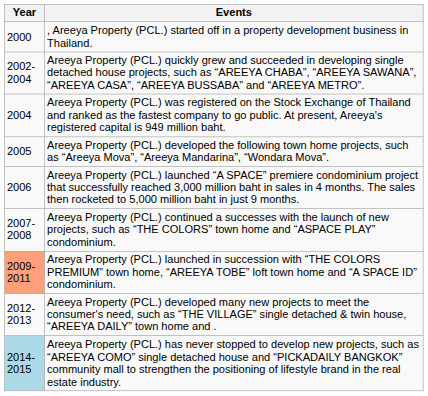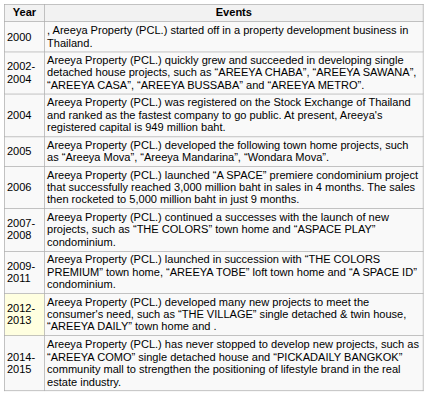 <table class="wikitable">
 <tr>
 <th>Year</th>
 <th>Events</th>
 </tr>
 <tr>
 <td>2000</td>
 <td>, Areeya Property (PCL.) started off in a property development business in Thailand.</td>
 </tr>
 <tr>
 <td>2002-2004</td>
 <td>Areeya Property (PCL.) quickly grew and succeeded in developing single detached house projects, such as “AREEYA CHABA”, “AREEYA SAWANA”, “AREEYA CASA”, “AREEYA BUSSABA” and “AREEYA METRO”.</td>
 </tr>
 <tr>
 <td>2004</td>
 <td>Areeya Property (PCL.) was registered on the Stock Exchange of Thailand and ranked as the fastest company to go public. At present, Areeya's registered capital is 949 million baht.</td>
 </tr>
 <tr>
 <td>2005</td>
 <td>Areeya Property (PCL.) developed the following town home projects, such as “Areeya Mova”, “Areeya Mandarina”, “Wondara Mova”.</td>
 </tr>
 <tr>
 <td>2006</td>
 <td>Areeya Property (PCL.) launched “A SPACE” premiere condominium project that successfully reached 3,000 million baht in sales in 4 months. The sales then rocketed to 5,000 million baht in just 9 months.</td>
 </tr>
 <tr>
 <td>2007-2008</td>
 <td>Areeya Property (PCL.) continued a successes with the launch of new projects, such as “THE COLORS” town home and “ASPACE PLAY” condominium.</td>
 </tr>
 <tr>
-<td style="background: lightsalmon;">2009-2011</td>
+<td>2009-2011</td>
 <td>Areeya Property (PCL.) launched in succession with “THE COLORS PREMIUM” town home, “AREEYA TOBE” loft town home and “A SPACE ID” condominium.</td>
 </tr>
 <tr>
-<td>2012-2013</td>
+<td style="background: lightyellow;">2012-2013</td>
 <td>Areeya Property (PCL.) developed many new projects to meet the consumer's need, such as “THE VILLAGE” single detached & twin house, “AREEYA DAILY” town home and .</td>
 </tr>
 <tr>
-<td style="background: lightblue;">2014-2015</td>
+<td>2014-2015</td>
 <td>Areeya Property (PCL.) has never stopped to develop new projects, such as “AREEYA COMO” single detached house and “PICKADAILY BANGKOK” community mall to strengthen the positioning of lifestyle brand in the real estate industry.</td>
 </tr>
 </table>
